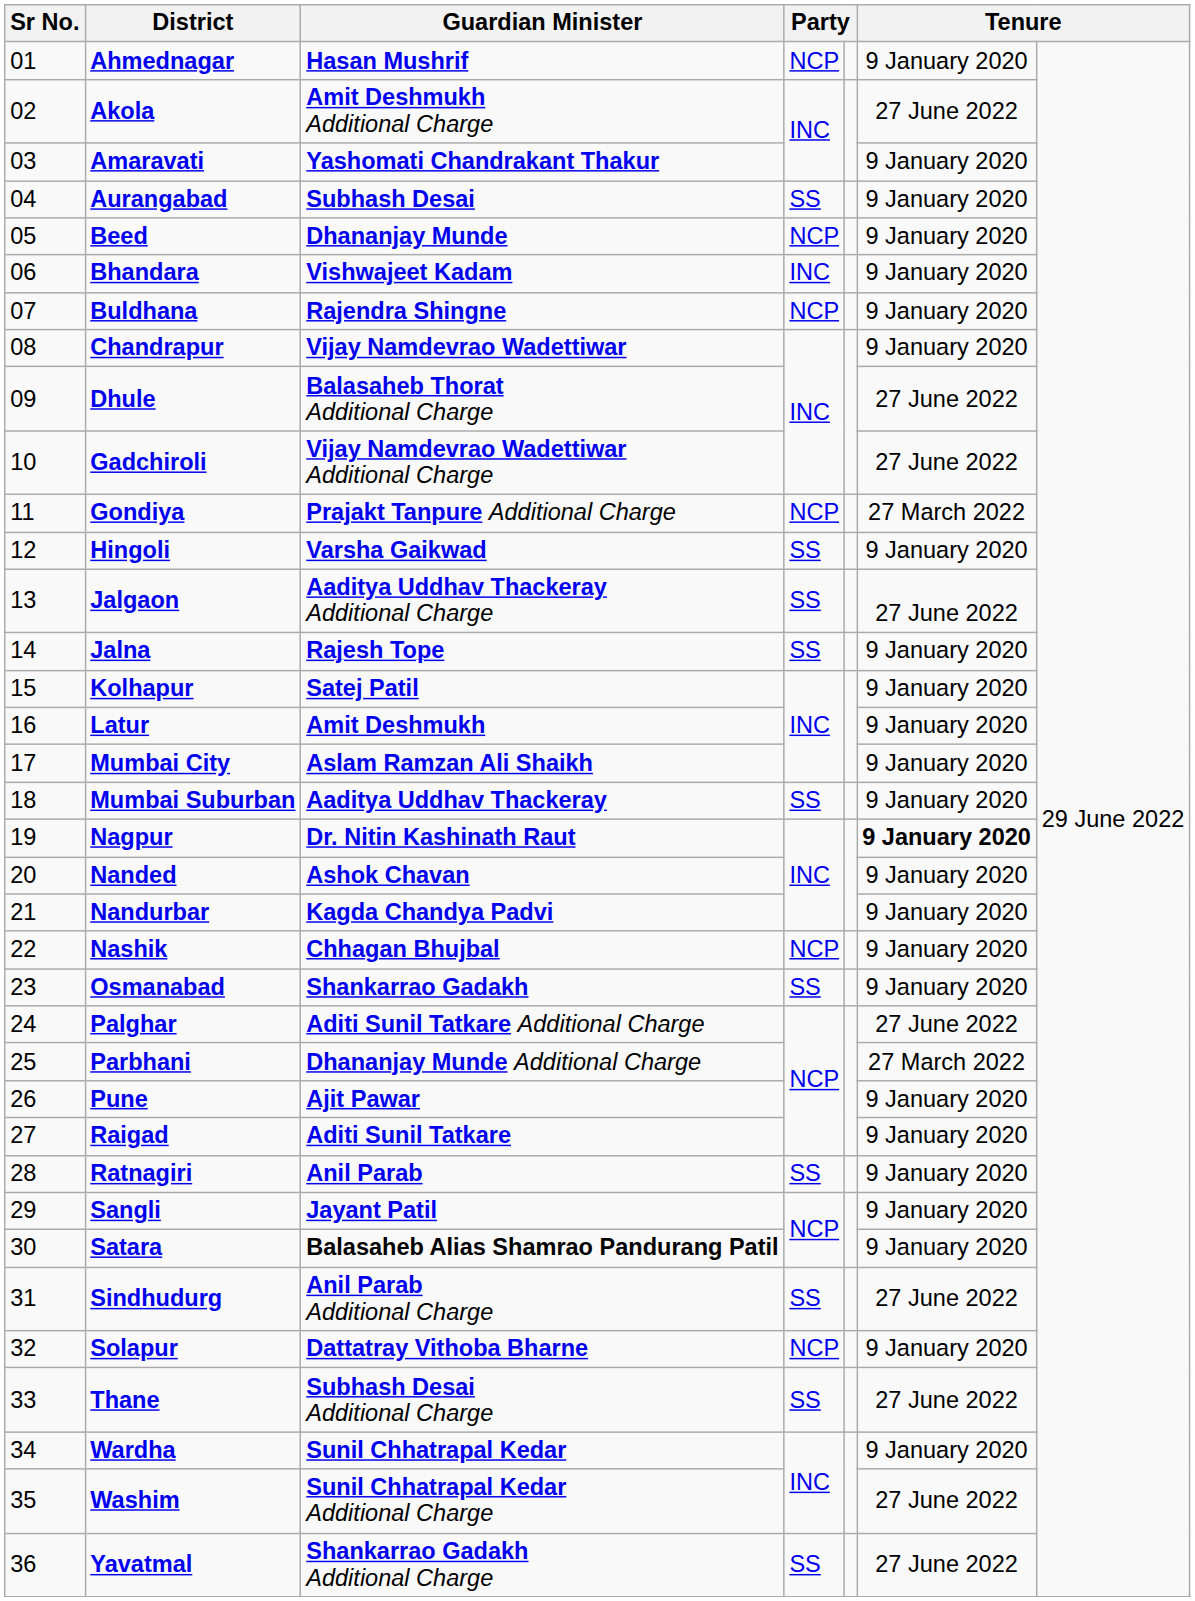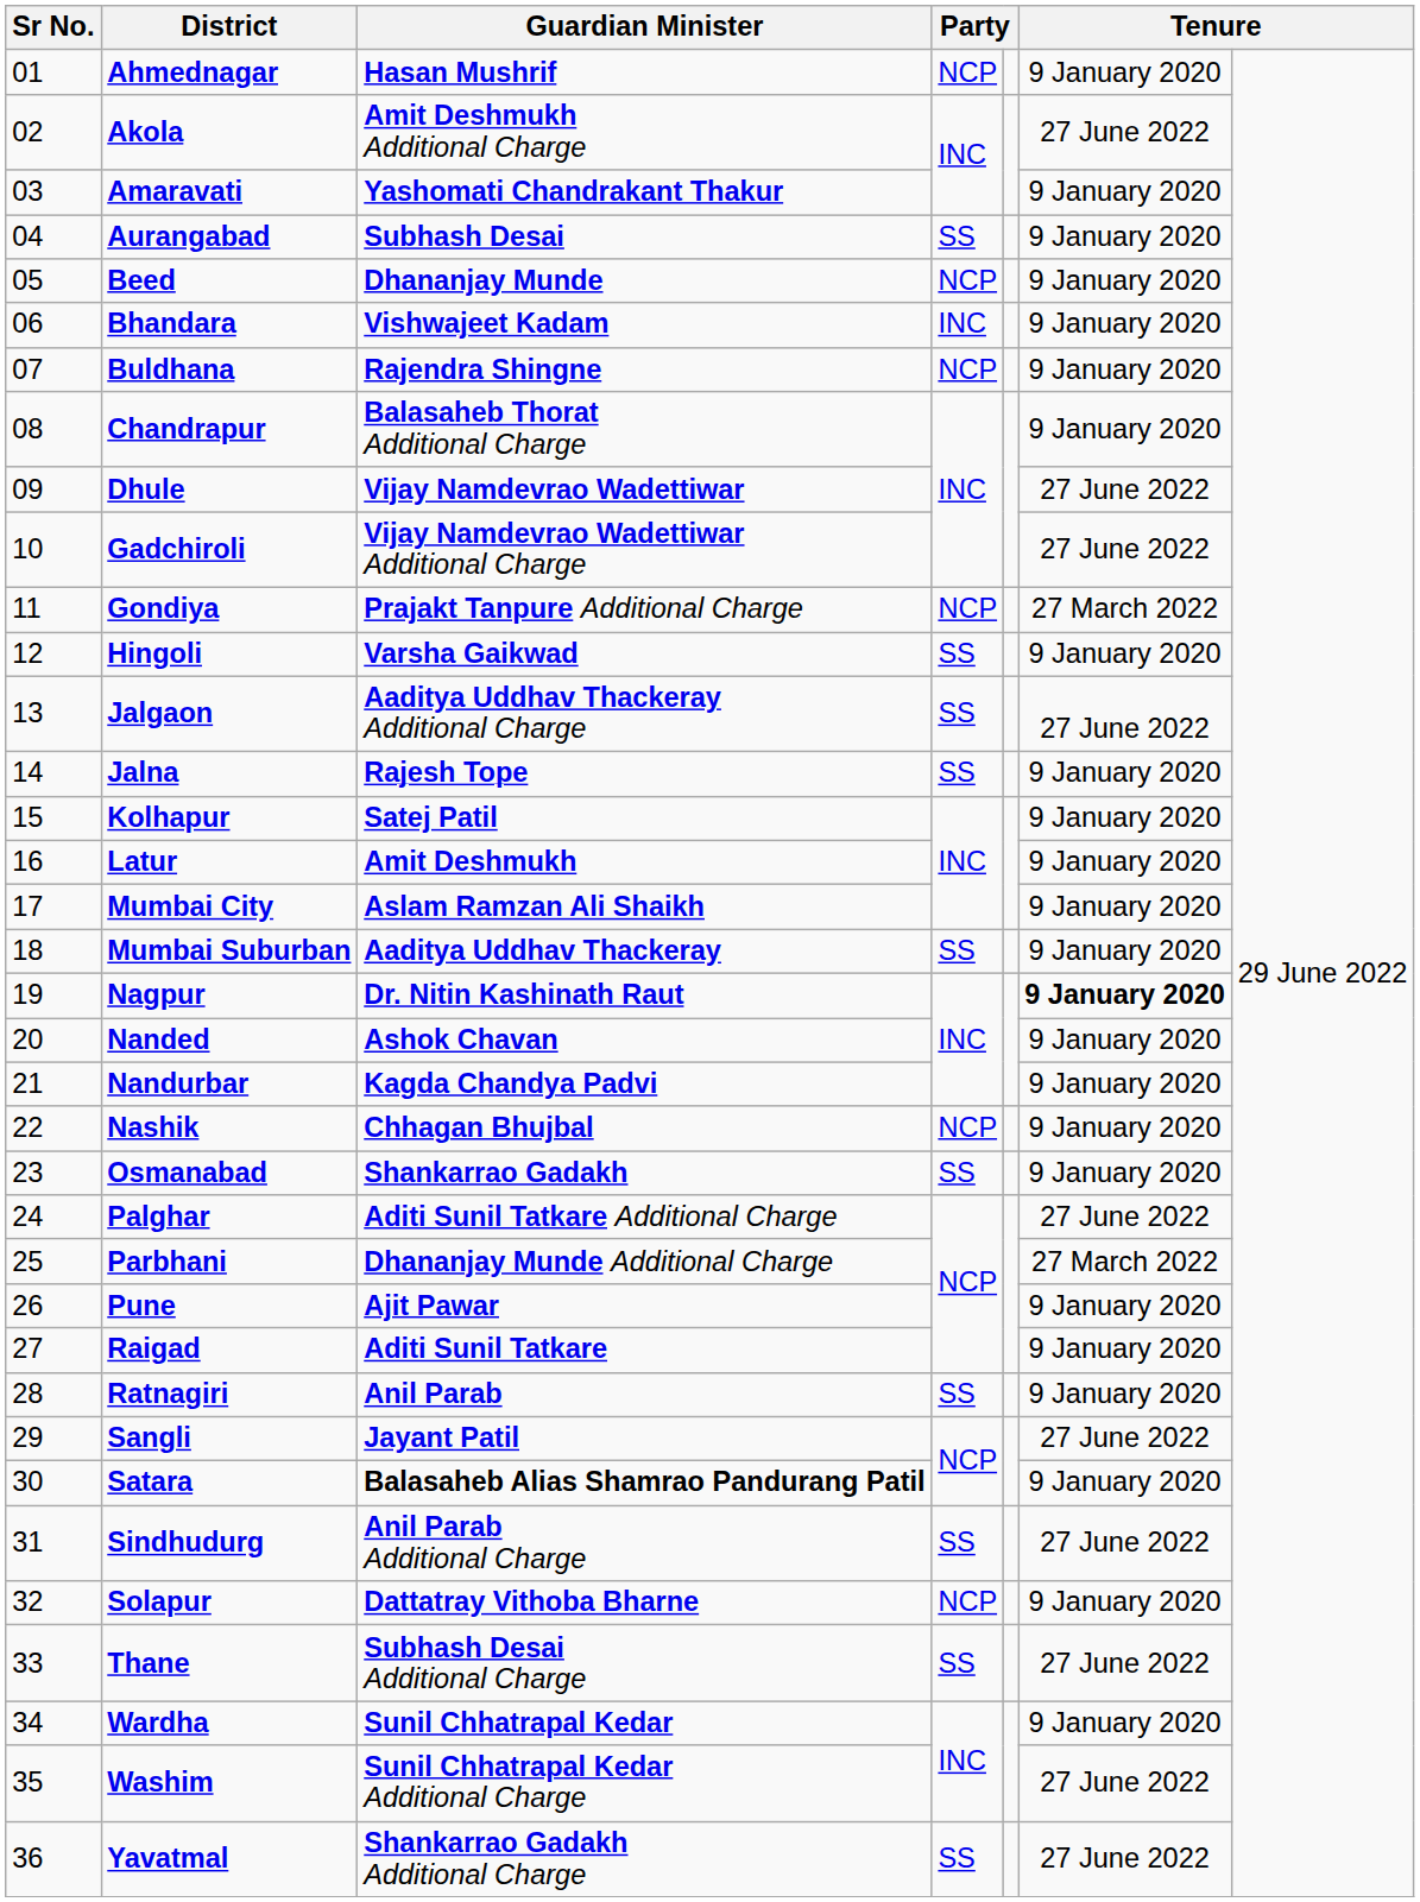 <table class="wikitable">
 <tr>
 <th>Sr No.</th>
 <th>District</th>
 <th>Guardian Minister</th>
 <th colspan="2" scope="col">Party</th>
 <th colspan="2" scope="col">Tenure</th>
 </tr>
 <tr>
 <td>01</td>
 <td><strong><a href='#'>Ahmednagar</a></strong></td>
 <td><strong><a href='#'>Hasan Mushrif</a></strong></td>
 <td rowspan=1><a href='#'>NCP</a></td>
 <td rowspan=1 style="width:1px; background-color: "></td>
 <td style="text-align:center;">9 January 2020</td>
 <td rowspan="36" style="text-align:center;">29 June 2022</td>
 </tr>
 <tr>
 <td>02</td>
 <td><strong><a href='#'>Akola</a></strong></td>
 <td><strong><a href='#'>Amit Deshmukh</a></strong><br><em>Additional Charge</em></td>
 <td rowspan=2><a href='#'>INC</a></td>
 <td rowspan=2 style="width:1px; background-color: "></td>
 <td style="text-align:center;">27 June 2022</td>
 </tr>
 <tr>
 <td>03</td>
 <td><strong><a href='#'>Amaravati</a></strong></td>
 <td><strong><a href='#'>Yashomati Chandrakant Thakur</a></strong></td>
 <td style="text-align:center;">9 January 2020</td>
 </tr>
 <tr>
 <td>04</td>
 <td><strong><a href='#'>Aurangabad</a></strong></td>
 <td><strong><a href='#'>Subhash Desai</a></strong></td>
 <td rowspan=1><a href='#'>SS</a></td>
 <td rowspan=1 style="width:1px; background-color: "></td>
 <td style="text-align:center;">9 January 2020</td>
 </tr>
 <tr>
 <td>05</td>
 <td><strong><a href='#'>Beed</a></strong></td>
 <td><strong><a href='#'>Dhananjay Munde</a></strong></td>
 <td rowspan=1><a href='#'>NCP</a></td>
 <td rowspan=1 style="width:1px; background-color: "></td>
 <td style="text-align:center;">9 January 2020</td>
 </tr>
 <tr>
 <td>06</td>
 <td><strong><a href='#'>Bhandara</a></strong></td>
 <td><strong><a href='#'>Vishwajeet Kadam</a></strong></td>
 <td rowspan=1><a href='#'>INC</a></td>
 <td rowspan=1 style="width:1px; background-color: "></td>
 <td style="text-align:center;">9 January 2020</td>
 </tr>
 <tr>
 <td>07</td>
 <td><strong><a href='#'>Buldhana</a></strong></td>
 <td><strong><a href='#'>Rajendra Shingne</a></strong></td>
 <td rowspan=1><a href='#'>NCP</a></td>
 <td rowspan=1 style="width:1px; background-color: "></td>
 <td style="text-align:center;">9 January 2020</td>
 </tr>
 <tr>
 <td>08</td>
 <td><strong><a href='#'>Chandrapur</a></strong></td>
-<td><strong><a href='#'>Vijay Namdevrao Wadettiwar</a></strong></td>
+<td><strong><a href='#'>Balasaheb Thorat</a></strong><br><em>Additional Charge</em></td>
 <td rowspan=3><a href='#'>INC</a></td>
 <td rowspan=3 style="width:1px; background-color: "></td>
 <td style="text-align:center;">9 January 2020</td>
 </tr>
 <tr>
 <td>09</td>
 <td><strong><a href='#'>Dhule</a></strong></td>
-<td><strong><a href='#'>Balasaheb Thorat</a></strong><br><em>Additional Charge</em></td>
+<td><strong><a href='#'>Vijay Namdevrao Wadettiwar</a></strong></td>
 <td style="text-align:center;">27 June 2022</td>
 </tr>
 <tr>
 <td>10</td>
 <td><strong><a href='#'>Gadchiroli</a></strong></td>
 <td><strong><a href='#'>Vijay Namdevrao Wadettiwar</a></strong><br><em>Additional Charge</em></td>
 <td style="text-align:center;">27 June 2022</td>
 </tr>
 <tr>
 <td>11</td>
 <td><strong><a href='#'>Gondiya</a></strong></td>
 <td><strong><a href='#'>Prajakt Tanpure</a></strong> <em>Additional Charge</em></td>
 <td rowspan=1><a href='#'>NCP</a></td>
 <td rowspan=1 style="width:1px; background-color: "></td>
 <td style="text-align:center;">27 March 2022</td>
 </tr>
 <tr>
 <td>12</td>
 <td><strong><a href='#'>Hingoli</a></strong></td>
 <td><strong><a href='#'>Varsha Gaikwad</a></strong></td>
 <td rowspan=1><a href='#'>SS</a></td>
 <td rowspan=1 style="width:1px; background-color: "></td>
 <td style="text-align:center;">9 January 2020</td>
 </tr>
 <tr>
 <td>13</td>
 <td><strong><a href='#'>Jalgaon</a></strong></td>
 <td><strong><a href='#'>Aaditya Uddhav Thackeray</a></strong><br><em>Additional Charge</em></td>
 <td rowspan=1><a href='#'>SS</a></td>
 <td rowspan=1 style="width:1px; background-color: "></td>
 <td style="text-align:center;"><br>27 June 2022</td>
 </tr>
 <tr>
 <td>14</td>
 <td><strong><a href='#'>Jalna</a></strong></td>
 <td><strong><a href='#'>Rajesh Tope</a></strong></td>
 <td rowspan=1><a href='#'>SS</a></td>
 <td rowspan=1 style="width:1px; background-color: "></td>
 <td style="text-align:center;">9 January 2020</td>
 </tr>
 <tr>
 <td>15</td>
 <td><strong><a href='#'>Kolhapur</a></strong></td>
 <td><strong><a href='#'>Satej Patil</a></strong></td>
 <td rowspan="3"><a href='#'>INC</a></td>
 <td rowspan="3" style="width:1px; background-color: "></td>
 <td style="text-align:center;">9 January 2020</td>
 </tr>
 <tr>
 <td>16</td>
 <td><strong><a href='#'>Latur</a></strong></td>
 <td><strong><a href='#'>Amit Deshmukh</a></strong></td>
 <td style="text-align:center;">9 January 2020</td>
 </tr>
 <tr>
 <td>17</td>
 <td><strong><a href='#'>Mumbai City</a></strong></td>
 <td><strong><a href='#'>Aslam Ramzan Ali Shaikh</a></strong></td>
 <td style="text-align:center;">9 January 2020</td>
 </tr>
 <tr>
 <td>18</td>
 <td><strong><a href='#'>Mumbai Suburban</a></strong></td>
 <td><strong><a href='#'>Aaditya Uddhav Thackeray</a></strong></td>
 <td rowspan=1><a href='#'>SS</a></td>
 <td rowspan=1 style="width:1px; background-color: "></td>
 <td style="text-align:center;">9 January 2020</td>
 </tr>
 <tr>
 <td>19</td>
 <td><strong><a href='#'>Nagpur</a></strong></td>
 <td><strong><a href='#'>Dr. Nitin Kashinath Raut</a></strong></td>
 <td rowspan="3"><a href='#'>INC</a></td>
 <td rowspan="3" style="width:1px; background-color: "></td>
 <td style="text-align:center;"><strong>9 January 2020</strong></td>
 </tr>
 <tr>
 <td>20</td>
 <td><strong><a href='#'>Nanded</a></strong></td>
 <td><strong><a href='#'>Ashok Chavan</a></strong></td>
 <td style="text-align:center;">9 January 2020</td>
 </tr>
 <tr>
 <td>21</td>
 <td><strong><a href='#'>Nandurbar</a></strong></td>
 <td><strong><a href='#'>Kagda Chandya Padvi</a></strong></td>
 <td style="text-align:center;">9 January 2020</td>
 </tr>
 <tr>
 <td>22</td>
 <td><strong><a href='#'>Nashik</a></strong></td>
 <td><strong><a href='#'>Chhagan Bhujbal</a></strong></td>
 <td rowspan=1><a href='#'>NCP</a></td>
 <td rowspan=1 style="width:1px; background-color: "></td>
 <td style="text-align:center;">9 January 2020</td>
 </tr>
 <tr>
 <td>23</td>
 <td><strong><a href='#'>Osmanabad</a></strong></td>
 <td><strong><a href='#'>Shankarrao Gadakh</a></strong></td>
 <td><a href='#'>SS</a></td>
 <td style="width:1px; background-color: "></td>
 <td style="text-align:center;">9 January 2020</td>
 </tr>
 <tr>
 <td>24</td>
 <td><strong><a href='#'>Palghar</a></strong></td>
 <td><strong><a href='#'>Aditi Sunil Tatkare</a></strong> <em>Additional Charge</em></td>
 <td rowspan="4"><a href='#'>NCP</a></td>
 <td rowspan="4" style="width:1px; background-color: "></td>
 <td style="text-align:center;">27 June 2022</td>
 </tr>
 <tr>
 <td>25</td>
 <td><strong><a href='#'>Parbhani</a></strong></td>
 <td><strong><a href='#'>Dhananjay Munde</a></strong>  <em>Additional Charge</em></td>
 <td style="text-align:center;">27 March 2022</td>
 </tr>
 <tr>
 <td>26</td>
 <td><strong><a href='#'>Pune</a></strong></td>
 <td><strong><a href='#'>Ajit Pawar</a></strong><br> </td>
 <td style="text-align:center;">9 January 2020</td>
 </tr>
 <tr>
 <td>27</td>
 <td><strong><a href='#'>Raigad</a></strong></td>
 <td><strong><a href='#'>Aditi Sunil Tatkare</a></strong></td>
 <td style="text-align:center;">9 January 2020</td>
 </tr>
 <tr>
 <td>28</td>
 <td><strong><a href='#'>Ratnagiri</a></strong></td>
 <td><strong><a href='#'>Anil Parab</a></strong></td>
 <td rowspan=1><a href='#'>SS</a></td>
 <td rowspan=1 style="width:1px; background-color: "></td>
 <td style="text-align:center;">9 January 2020</td>
 </tr>
 <tr>
 <td>29</td>
 <td><strong><a href='#'>Sangli</a></strong></td>
 <td><strong><a href='#'>Jayant Patil</a></strong></td>
 <td rowspan="2"><a href='#'>NCP</a></td>
 <td rowspan="2" style="width:1px; background-color: "></td>
-<td style="text-align:center;">9 January 2020</td>
+<td style="text-align:center;">27 June 2022</td>
 </tr>
 <tr>
 <td>30</td>
 <td><strong><a href='#'>Satara</a></strong></td>
 <td><strong>Balasaheb Alias Shamrao Pandurang Patil</strong></td>
 <td style="text-align:center;">9 January 2020</td>
 </tr>
 <tr>
 <td>31</td>
 <td><strong><a href='#'>Sindhudurg</a></strong></td>
 <td><strong><a href='#'>Anil Parab</a></strong><br><em>Additional Charge</em></td>
 <td rowspan=1><a href='#'>SS</a></td>
 <td rowspan=1 style="width:1px; background-color: "></td>
 <td style="text-align:center;">27 June 2022</td>
 </tr>
 <tr>
 <td>32</td>
 <td><strong><a href='#'>Solapur</a></strong></td>
 <td><strong><a href='#'>Dattatray Vithoba Bharne</a></strong></td>
 <td rowspan=1><a href='#'>NCP</a></td>
 <td rowspan=1 style="width:1px; background-color: "></td>
 <td style="text-align:center;">9 January 2020</td>
 </tr>
 <tr>
 <td>33</td>
 <td><strong><a href='#'>Thane</a></strong></td>
 <td><strong><a href='#'>Subhash Desai</a></strong><br><em>Additional Charge</em></td>
 <td rowspan=1><a href='#'>SS</a></td>
 <td rowspan=1 style="width:1px; background-color: "></td>
 <td style="text-align:center;">27 June 2022</td>
 </tr>
 <tr>
 <td>34</td>
 <td><strong><a href='#'>Wardha</a></strong></td>
 <td><strong><a href='#'>Sunil Chhatrapal Kedar</a></strong></td>
 <td rowspan=2><a href='#'>INC</a></td>
 <td rowspan=2 style="width:1px; background-color: "></td>
 <td style="text-align:center;">9 January 2020</td>
 </tr>
 <tr>
 <td>35</td>
 <td><strong><a href='#'>Washim</a></strong></td>
 <td><strong><a href='#'>Sunil Chhatrapal Kedar</a></strong><br><em>Additional Charge</em></td>
 <td style="text-align:center;">27 June 2022</td>
 </tr>
 <tr>
 <td>36</td>
 <td><strong><a href='#'>Yavatmal</a></strong></td>
 <td><strong><a href='#'>Shankarrao Gadakh</a></strong><br><em>Additional Charge</em></td>
 <td><a href='#'>SS</a></td>
 <td style="width:1px; background-color: "></td>
 <td style="text-align:center;">27 June 2022</td>
 </tr>
 <tr>
 </tr>
 </table>
